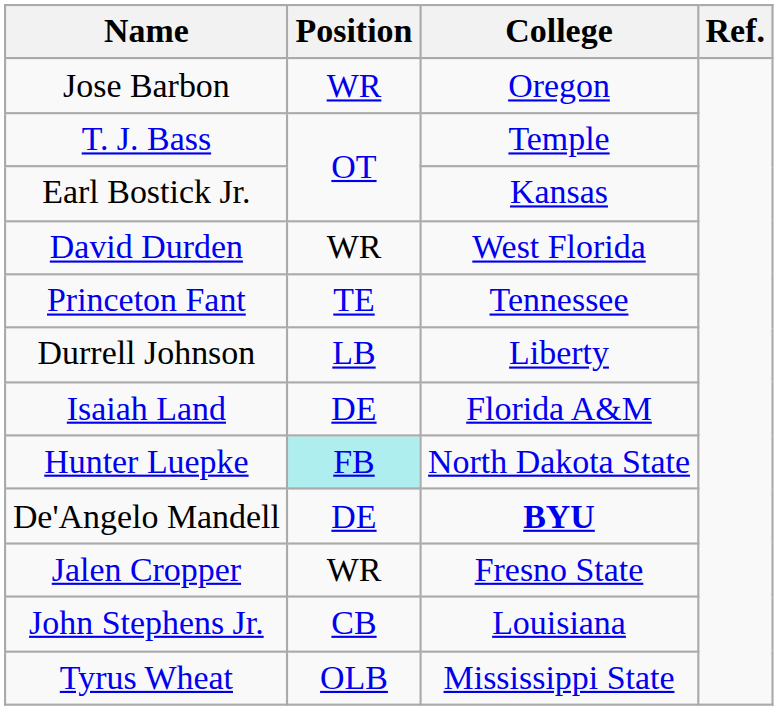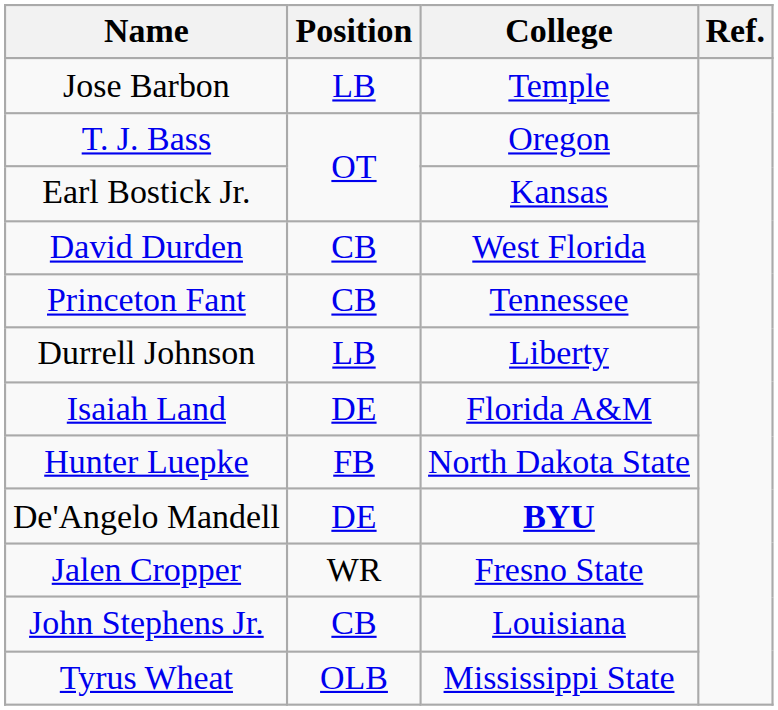 <table class="wikitable" style="text-align:center">
 <tr>
 <th>Name</th>
 <th>Position</th>
 <th>College</th>
 <th>Ref.</th>
 </tr>
 <tr>
 <td>Jose Barbon</td>
-<td><a href='#'>WR</a></td>
-<td><a href='#'>Oregon</a></td>
+<td><a href='#'>LB</a></td>
+<td><a href='#'>Temple</a></td>
 <td rowspan="12"></td>
 </tr>
 <tr>
 <td><a href='#'>T. J. Bass</a></td>
 <td rowspan="2"><a href='#'>OT</a></td>
-<td><a href='#'>Temple</a></td>
+<td><a href='#'>Oregon</a></td>
 </tr>
 <tr>
 <td>Earl Bostick Jr.</td>
 <td><a href='#'>Kansas</a></td>
 </tr>
 <tr>
 <td><a href='#'>David Durden</a></td>
-<td>WR</td>
+<td><a href='#'>CB</a></td>
 <td><a href='#'>West Florida</a></td>
 </tr>
 <tr>
 <td><a href='#'>Princeton Fant</a></td>
-<td><a href='#'>TE</a></td>
+<td><a href='#'>CB</a></td>
 <td><a href='#'>Tennessee</a></td>
 </tr>
 <tr>
 <td>Durrell Johnson</td>
 <td><a href='#'>LB</a></td>
 <td><a href='#'>Liberty</a></td>
 </tr>
 <tr>
 <td><a href='#'>Isaiah Land</a></td>
 <td><a href='#'>DE</a></td>
 <td><a href='#'>Florida A&M</a></td>
 </tr>
 <tr>
 <td><a href='#'>Hunter Luepke</a></td>
-<td style="background: paleturquoise;"><a href='#'>FB</a></td>
+<td><a href='#'>FB</a></td>
 <td><a href='#'>North Dakota State</a></td>
 </tr>
 <tr>
 <td>De'Angelo Mandell</td>
 <td><a href='#'>DE</a></td>
 <td><strong><a href='#'>BYU</a></strong></td>
 </tr>
 <tr>
 <td><a href='#'>Jalen Cropper</a></td>
 <td>WR</td>
 <td><a href='#'>Fresno State</a></td>
 </tr>
 <tr>
 <td><a href='#'>John Stephens Jr.</a></td>
 <td><a href='#'>CB</a></td>
 <td><a href='#'>Louisiana</a></td>
 </tr>
 <tr>
 <td><a href='#'>Tyrus Wheat</a></td>
 <td><a href='#'>OLB</a></td>
 <td><a href='#'>Mississippi State</a></td>
 </tr>
 </table>
